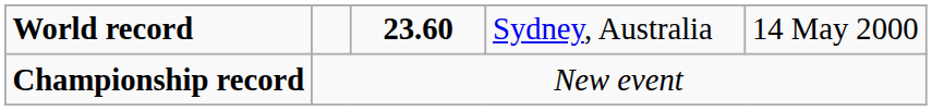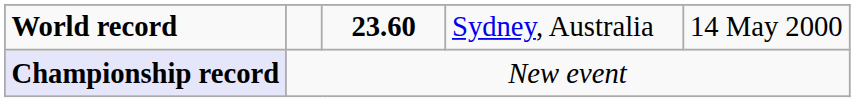 <table class="wikitable">
 <tr>
 <td><strong>World record</strong></td>
 <td style="padding-right:1em"></td>
 <td style="text-align:center;padding-left:1em; padding-right:1em;"><strong>23.60</strong></td>
 <td style="padding-right:1em"><a href='#'>Sydney</a>, Australia</td>
 <td align=right>14 May 2000</td>
 </tr>
 <tr>
-<td><strong>Championship record</strong></td>
+<td style="background: lavender;"><strong>Championship record</strong></td>
 <td colspan="5" style="text-align:center;"><em>New event</em></td>
 </tr>
 </table>
